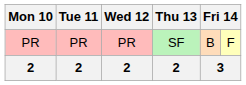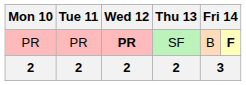 <table class="wikitable" style="margin:0.5em auto; line-height:1.5em;">
 <tr>
 <th>Mon 10</th>
 <th>Tue 11</th>
 <th>Wed 12</th>
 <th>Thu 13</th>
 <th colspan="2">Fri 14</th>
 </tr>
 <tr align=center>
 <td style="background-color:#FFBBBB;">PR</td>
 <td style="background-color:#FFBBBB;">PR</td>
-<td style="background-color:#FFBBBB;">PR</td>
+<td style="background-color:#FFBBBB;"><strong>PR</strong></td>
 <td style="background-color:#BBF3BB;">SF</td>
 <td style="background-color:#FEDCBA;">B</td>
-<td style="background-color:#FFFFBB;">F</td>
+<td style="background-color:#FFFFBB;"><strong>F</strong></td>
 </tr>
 <tr>
 <th>2 </th>
 <th>2 </th>
 <th>2 </th>
 <th>2 </th>
 <th colspan="2">3 </th>
 </tr>
 </table>
